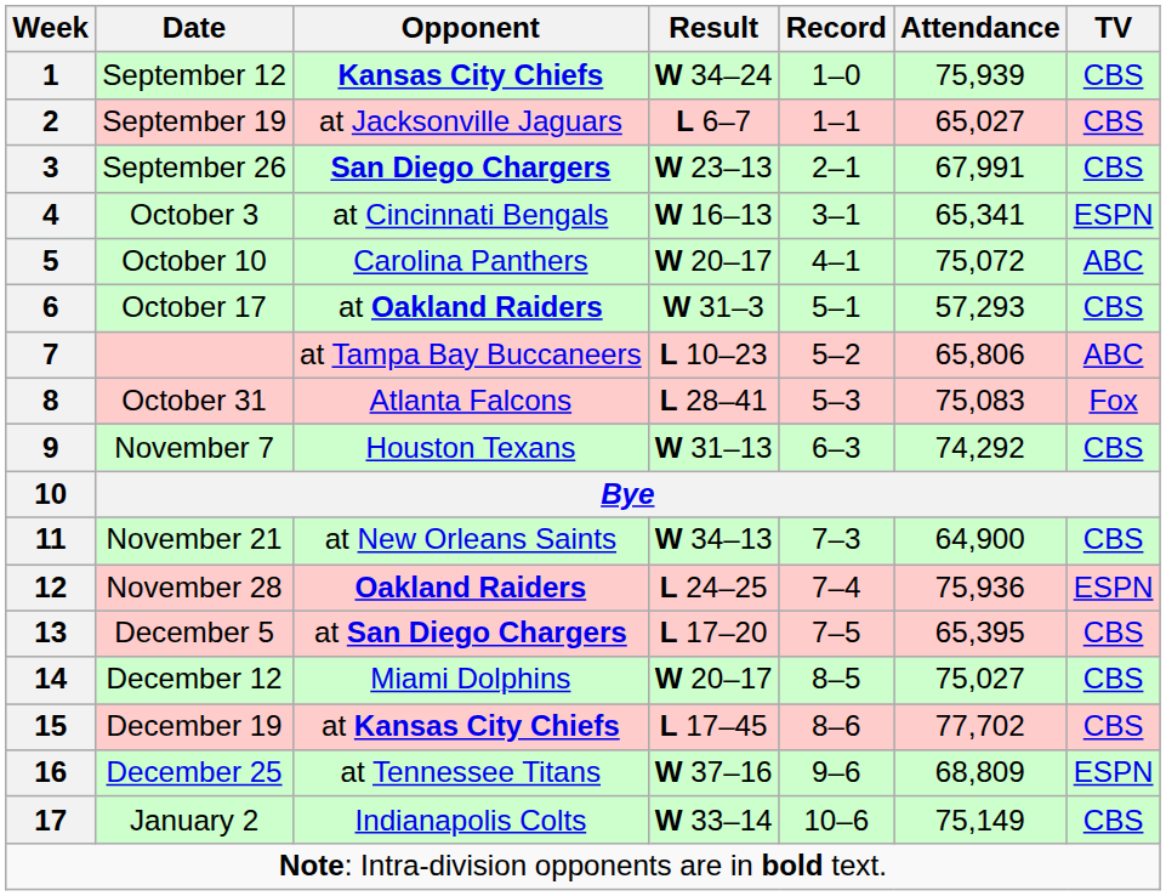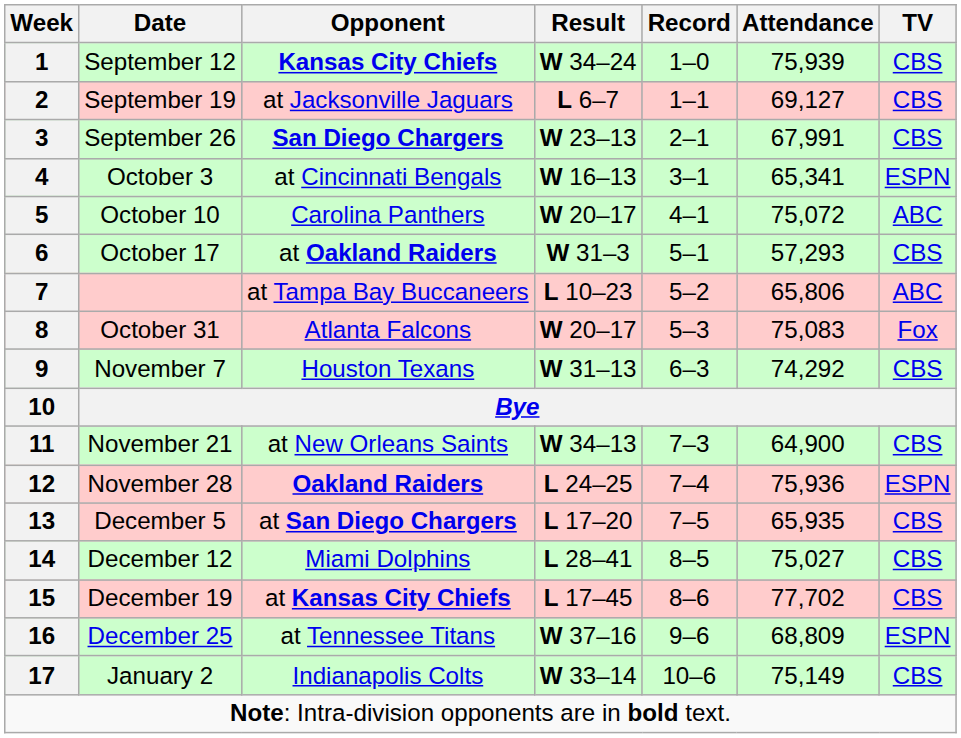 <table class="wikitable" style="text-align:center">
 <tr>
 <th>Week</th>
 <th>Date</th>
 <th>Opponent</th>
 <th>Result</th>
 <th>Record</th>
 <th>Attendance</th>
 <th>TV</th>
 </tr>
 <tr style="background:#cfc">
 <th>1</th>
 <td>September 12</td>
 <td><strong><a href='#'>Kansas City Chiefs</a></strong></td>
 <td><strong>W</strong> 34–24</td>
 <td>1–0</td>
 <td>75,939</td>
 <td><a href='#'>CBS</a></td>
 </tr>
 <tr style="background:#fcc">
 <th>2</th>
 <td>September 19</td>
 <td>at <a href='#'>Jacksonville Jaguars</a></td>
 <td><strong>L</strong> 6–7</td>
 <td>1–1</td>
-<td>65,027</td>
+<td>69,127</td>
 <td><a href='#'>CBS</a></td>
 </tr>
 <tr style="background:#cfc">
 <th>3</th>
 <td>September 26</td>
 <td><strong><a href='#'>San Diego Chargers</a></strong></td>
 <td><strong>W</strong> 23–13</td>
 <td>2–1</td>
 <td>67,991</td>
 <td><a href='#'>CBS</a></td>
 </tr>
 <tr style="background:#cfc">
 <th>4</th>
 <td>October 3</td>
 <td>at <a href='#'>Cincinnati Bengals</a></td>
 <td><strong>W</strong> 16–13</td>
 <td>3–1</td>
 <td>65,341</td>
 <td><a href='#'>ESPN</a></td>
 </tr>
 <tr style="background:#cfc">
 <th>5</th>
 <td>October 10</td>
 <td><a href='#'>Carolina Panthers</a></td>
 <td><strong>W</strong> 20–17</td>
 <td>4–1</td>
 <td>75,072</td>
 <td><a href='#'>ABC</a></td>
 </tr>
 <tr style="background:#cfc">
 <th>6</th>
 <td>October 17</td>
 <td>at <strong><a href='#'>Oakland Raiders</a></strong></td>
 <td><strong>W</strong> 31–3</td>
 <td>5–1</td>
 <td>57,293</td>
 <td><a href='#'>CBS</a></td>
 </tr>
 <tr style="background:#fcc">
 <th>7</th>
 <td></td>
 <td>at <a href='#'>Tampa Bay Buccaneers</a></td>
 <td><strong>L</strong> 10–23</td>
 <td>5–2</td>
 <td>65,806</td>
 <td><a href='#'>ABC</a></td>
 </tr>
 <tr style="background:#fcc">
 <th>8</th>
 <td>October 31</td>
 <td><a href='#'>Atlanta Falcons</a></td>
-<td><strong>L</strong> 28–41</td>
+<td><strong>W</strong> 20–17</td>
 <td>5–3</td>
 <td>75,083</td>
 <td><a href='#'>Fox</a></td>
 </tr>
 <tr style="background:#cfc">
 <th>9</th>
 <td>November 7</td>
 <td><a href='#'>Houston Texans</a></td>
 <td><strong>W</strong> 31–13</td>
 <td>6–3</td>
 <td>74,292</td>
 <td><a href='#'>CBS</a></td>
 </tr>
 <tr>
 <th>10</th>
 <th colspan="6"><em><a href='#'>Bye</a></em></th>
 </tr>
 <tr style="background:#cfc">
 <th>11</th>
 <td>November 21</td>
 <td>at <a href='#'>New Orleans Saints</a></td>
 <td><strong>W</strong> 34–13</td>
 <td>7–3</td>
 <td>64,900</td>
 <td><a href='#'>CBS</a></td>
 </tr>
 <tr style="background:#fcc">
 <th>12</th>
 <td>November 28</td>
 <td><strong><a href='#'>Oakland Raiders</a></strong></td>
 <td><strong>L</strong> 24–25</td>
 <td>7–4</td>
 <td>75,936</td>
 <td><a href='#'>ESPN</a></td>
 </tr>
 <tr style="background:#fcc">
 <th>13</th>
 <td>December 5</td>
 <td>at <strong><a href='#'>San Diego Chargers</a></strong></td>
 <td><strong>L</strong> 17–20</td>
 <td>7–5</td>
-<td>65,395</td>
+<td>65,935</td>
 <td><a href='#'>CBS</a></td>
 </tr>
 <tr style="background:#cfc">
 <th>14</th>
 <td>December 12</td>
 <td><a href='#'>Miami Dolphins</a></td>
-<td><strong>W</strong> 20–17</td>
+<td><strong>L</strong> 28–41</td>
 <td>8–5</td>
 <td>75,027</td>
 <td><a href='#'>CBS</a></td>
 </tr>
 <tr style="background:#fcc">
 <th>15</th>
 <td>December 19</td>
 <td>at <strong><a href='#'>Kansas City Chiefs</a></strong></td>
 <td><strong>L</strong> 17–45</td>
 <td>8–6</td>
 <td>77,702</td>
 <td><a href='#'>CBS</a></td>
 </tr>
 <tr style="background:#cfc">
 <th>16</th>
 <td><a href='#'>December 25</a></td>
 <td>at <a href='#'>Tennessee Titans</a></td>
 <td><strong>W</strong> 37–16</td>
 <td>9–6</td>
 <td>68,809</td>
 <td><a href='#'>ESPN</a></td>
 </tr>
 <tr style="background:#cfc">
 <th>17</th>
 <td>January 2</td>
 <td><a href='#'>Indianapolis Colts</a></td>
 <td><strong>W</strong> 33–14</td>
 <td>10–6</td>
 <td>75,149</td>
 <td><a href='#'>CBS</a></td>
 </tr>
 <tr>
 <td colspan="7"><strong>Note</strong>: Intra-division opponents are in <strong>bold</strong> text.</td>
 </tr>
 </table>
